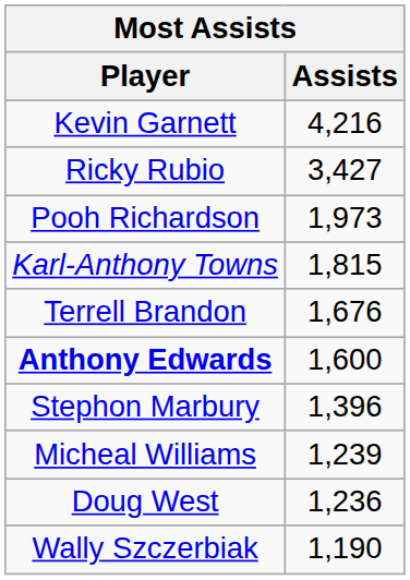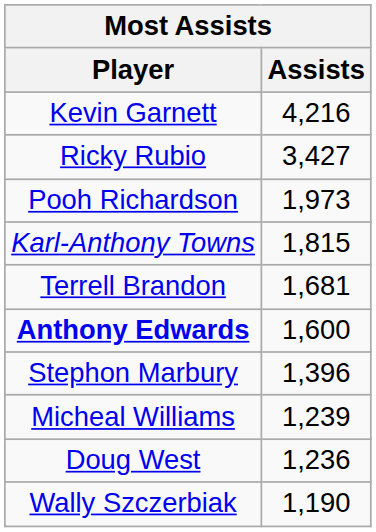 <table class="wikitable sortable" style="text-align:center">
 <tr>
 <th colspan="2" style="text-align:center; ">Most Assists</th>
 </tr>
 <tr>
 <th style="text-align:center; ">Player</th>
 <th style="text-align:center; ">Assists</th>
 </tr>
 <tr>
 <td><a href='#'>Kevin Garnett</a></td>
 <td>4,216</td>
 </tr>
 <tr>
 <td><a href='#'>Ricky Rubio</a></td>
 <td>3,427</td>
 </tr>
 <tr>
 <td><a href='#'>Pooh Richardson</a></td>
 <td>1,973</td>
 </tr>
 <tr>
 <td><em><a href='#'>Karl-Anthony Towns</a></em></td>
 <td>1,815</td>
 </tr>
 <tr>
 <td><a href='#'>Terrell Brandon</a></td>
-<td>1,676</td>
+<td>1,681</td>
 </tr>
 <tr>
 <td><strong><a href='#'>Anthony Edwards</a></strong></td>
 <td>1,600</td>
 </tr>
 <tr>
 <td><a href='#'>Stephon Marbury</a></td>
 <td>1,396</td>
 </tr>
 <tr>
 <td><a href='#'>Micheal Williams</a></td>
 <td>1,239</td>
 </tr>
 <tr>
 <td><a href='#'>Doug West</a></td>
 <td>1,236</td>
 </tr>
 <tr>
 <td><a href='#'>Wally Szczerbiak</a></td>
 <td>1,190</td>
 </tr>
 </table>
